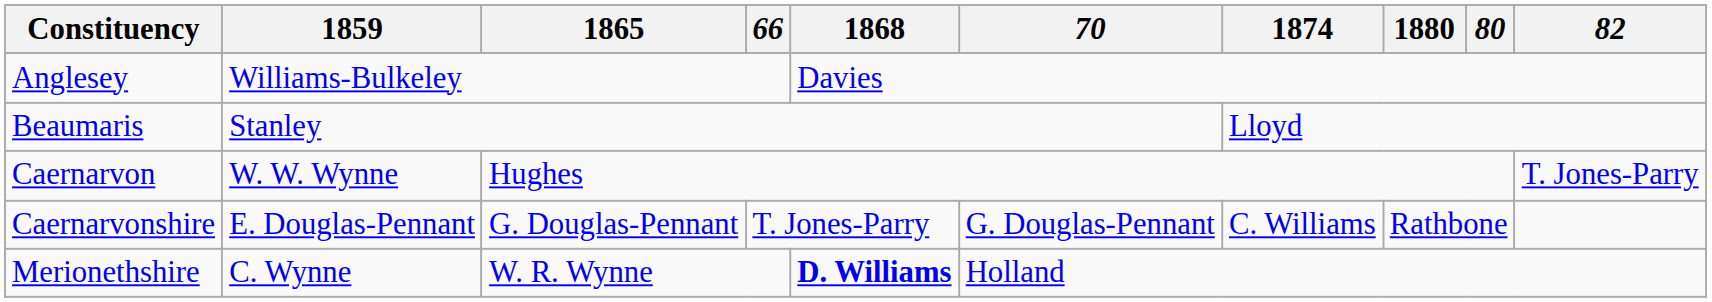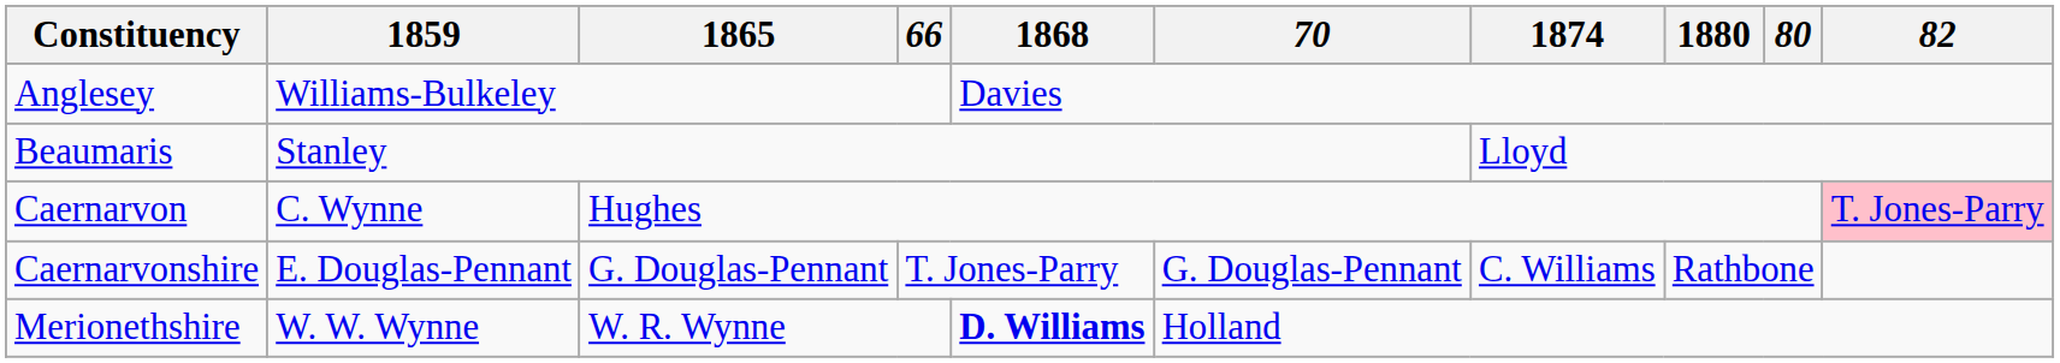 <table class="wikitable">
 <tr>
 <th>Constituency</th>
 <th>1859</th>
 <th>1865</th>
 <th><em>66</em></th>
 <th>1868</th>
 <th><em>70</em></th>
 <th>1874</th>
 <th>1880</th>
 <th><em>80</em></th>
 <th><em>82</em></th>
 </tr>
 <tr>
 <td><a href='#'>Anglesey</a></td>
 <td colspan="3"><a href='#'>Williams-Bulkeley</a></td>
 <td colspan="6"><a href='#'>Davies</a></td>
 </tr>
 <tr>
 <td><a href='#'>Beaumaris</a></td>
 <td colspan="5"><a href='#'>Stanley</a></td>
 <td colspan="4"><a href='#'>Lloyd</a></td>
 </tr>
 <tr>
 <td><a href='#'>Caernarvon</a></td>
-<td><a href='#'>W. W. Wynne</a></td>
+<td><a href='#'>C. Wynne</a></td>
 <td colspan="7"><a href='#'>Hughes</a></td>
-<td><a href='#'>T. Jones-Parry</a></td>
+<td style="background: pink;"><a href='#'>T. Jones-Parry</a></td>
 </tr>
 <tr>
 <td><a href='#'>Caernarvonshire</a></td>
 <td><a href='#'>E. Douglas-Pennant</a></td>
 <td><a href='#'>G. Douglas-Pennant</a></td>
 <td colspan="2"><a href='#'>T. Jones-Parry</a></td>
 <td><a href='#'>G. Douglas-Pennant</a></td>
 <td><a href='#'>C. Williams</a></td>
 <td colspan="2"><a href='#'>Rathbone</a></td>
 </tr>
 <tr>
 <td><a href='#'>Merionethshire</a></td>
-<td><a href='#'>C. Wynne</a></td>
+<td><a href='#'>W. W. Wynne</a></td>
 <td colspan="2"><a href='#'>W. R. Wynne</a></td>
 <td><strong><a href='#'>D. Williams</a></strong></td>
 <td colspan="5"><a href='#'>Holland</a></td>
 </tr>
 </table>
